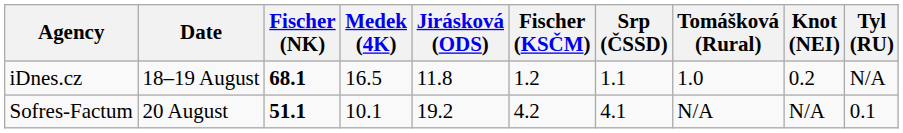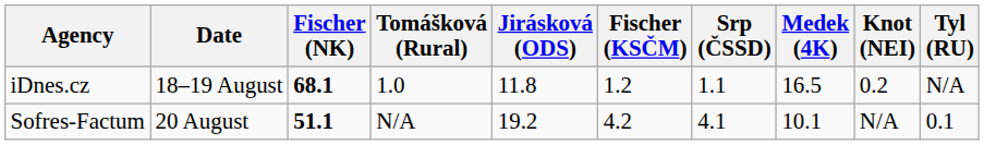 <table class=wikitable>
 <tr>
 <th>Agency</th>
 <th>Date</th>
 <th><a href='#'>Fischer</a><br>(NK)</th>
-<th><a href='#'>Medek</a><br>(<a href='#'>4K</a>)</th>
+<th>Tomášková<br>(Rural)</th>
 <th><a href='#'>Jirásková</a><br>(<a href='#'>ODS</a>)</th>
 <th>Fischer<br>(<a href='#'>KSČM</a>)</th>
 <th>Srp<br>(ČSSD)</th>
-<th>Tomášková<br>(Rural)</th>
+<th><a href='#'>Medek</a><br>(<a href='#'>4K</a>)</th>
 <th>Knot<br>(NEI)</th>
 <th>Tyl<br>(RU)</th>
 </tr>
 <tr>
 <td>iDnes.cz</td>
 <td>18–19 August</td>
 <td style="background:"><strong>68.1</strong></td>
-<td>16.5</td>
+<td>1.0</td>
 <td>11.8</td>
 <td>1.2</td>
 <td>1.1</td>
-<td>1.0</td>
+<td>16.5</td>
 <td>0.2</td>
 <td>N/A</td>
 </tr>
 <tr>
 <td>Sofres-Factum</td>
 <td>20 August</td>
 <td style="background:"><strong>51.1</strong></td>
-<td>10.1</td>
+<td>N/A</td>
 <td>19.2</td>
 <td>4.2</td>
 <td>4.1</td>
-<td>N/A</td>
+<td>10.1</td>
 <td>N/A</td>
 <td>0.1</td>
 </tr>
 </table>
